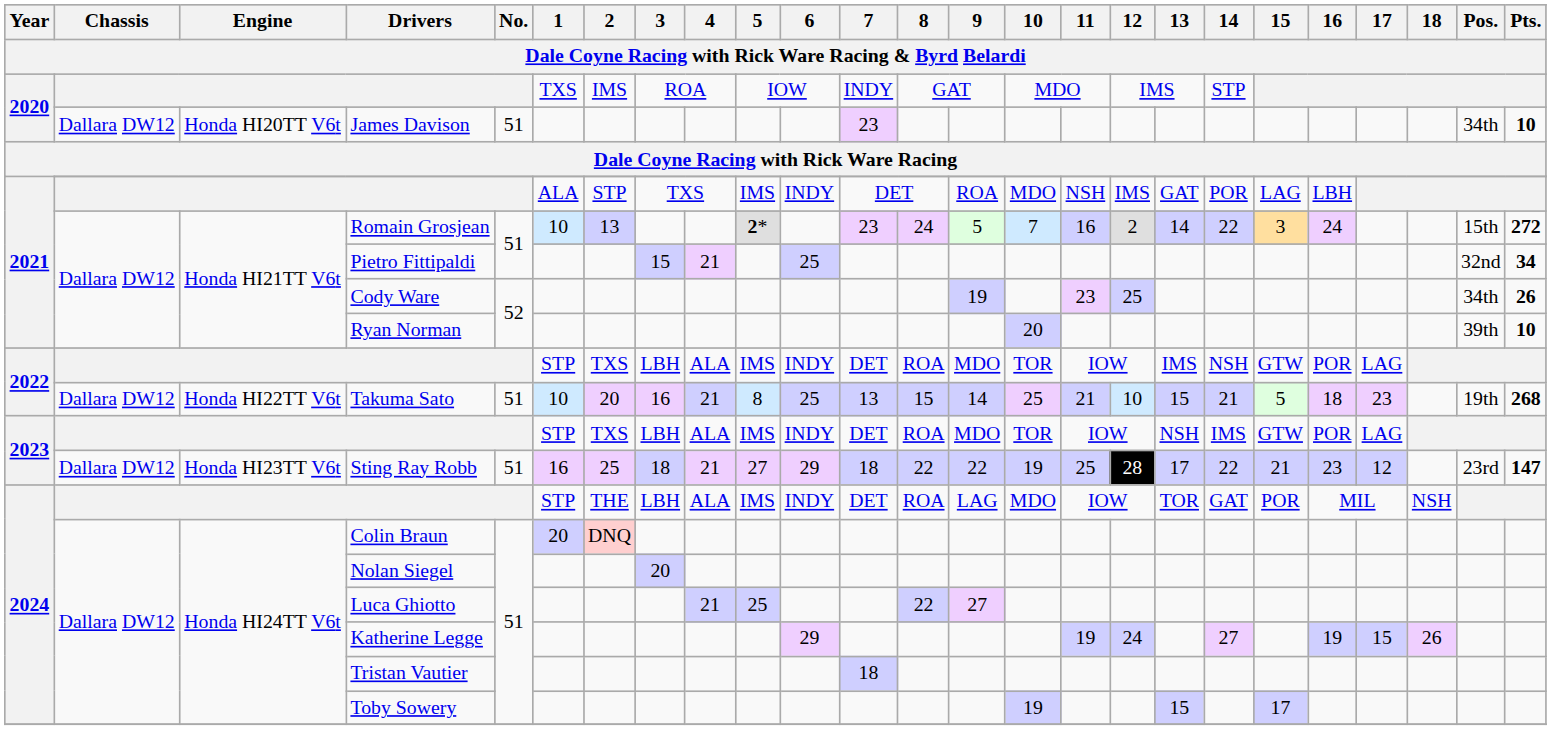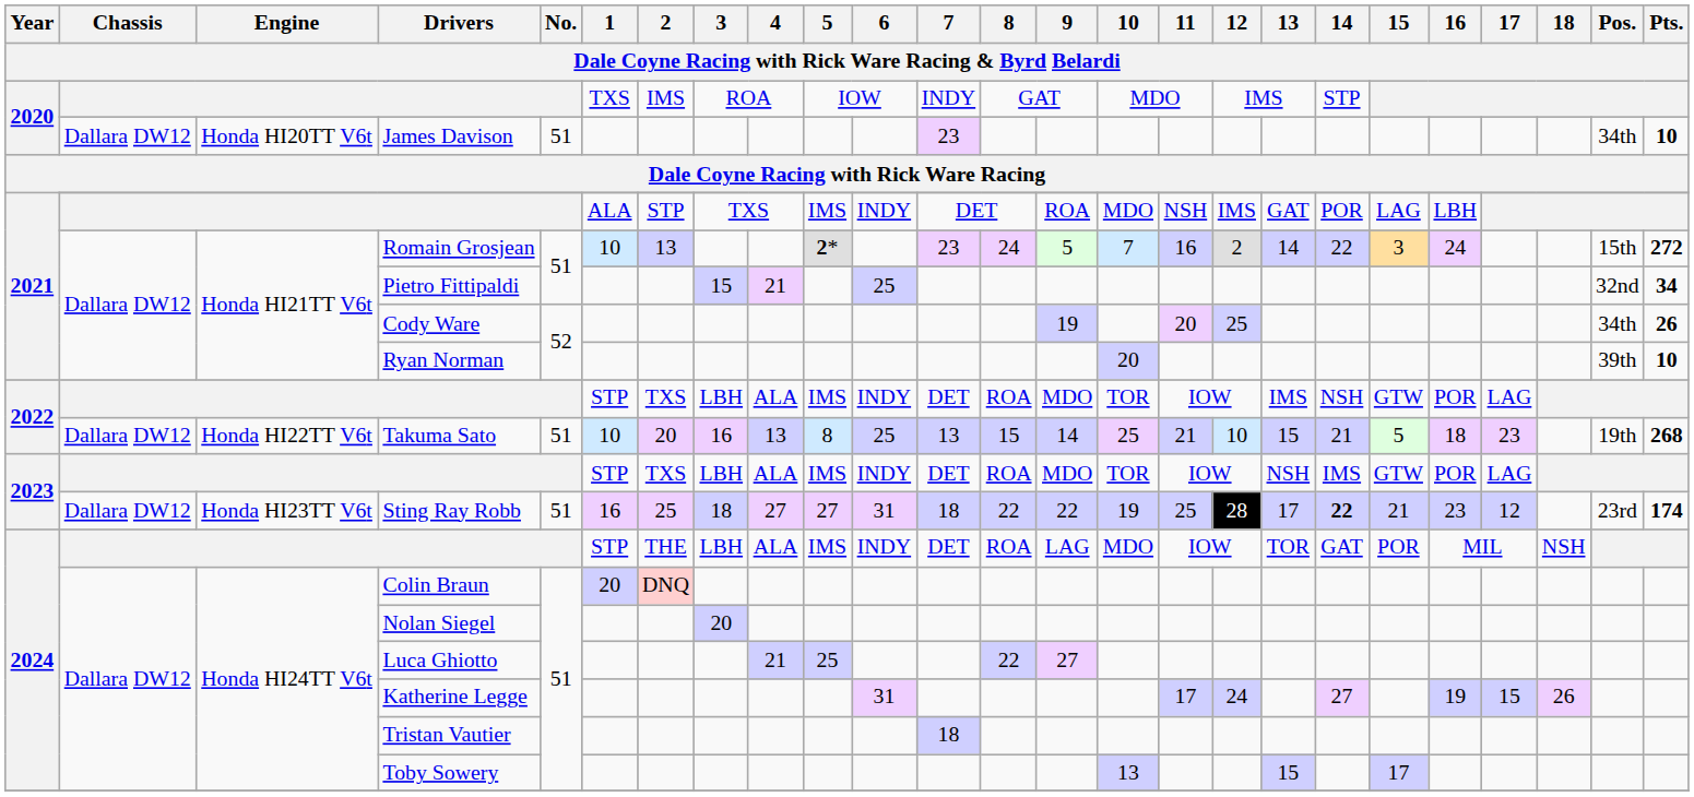 <table class="wikitable" style="text-align:center; font-size:75%">
 <tr>
 <th>Year</th>
 <th style="white-spaaace: nowrap;">Chassis</th>
 <th style="white-spaaace: nowrap;">Engine</th>
 <th style="white-spaaace: nowrap;">Drivers</th>
 <th>No.</th>
 <th>1</th>
 <th>2</th>
 <th>3</th>
 <th>4</th>
 <th>5</th>
 <th>6</th>
 <th>7</th>
 <th>8</th>
 <th>9</th>
 <th>10</th>
 <th>11</th>
 <th>12</th>
 <th>13</th>
 <th>14</th>
 <th>15</th>
 <th>16</th>
 <th>17</th>
 <th>18</th>
 <th>Pos.</th>
 <th>Pts.</th>
 </tr>
 <tr>
 <th colspan=25><a href='#'>Dale Coyne Racing</a> with Rick Ware Racing & <a href='#'>Byrd</a> <a href='#'>Belardi</a></th>
 </tr>
 <tr>
 <th rowspan=2><a href='#'>2020</a></th>
 <th colspan=4></th>
 <td><a href='#'>TXS</a></td>
 <td><a href='#'>IMS</a></td>
 <td colspan=2><a href='#'>ROA</a></td>
 <td colspan=2><a href='#'>IOW</a></td>
 <td><a href='#'>INDY</a></td>
 <td colspan=2><a href='#'>GAT</a></td>
 <td colspan=2><a href='#'>MDO</a></td>
 <td colspan=2><a href='#'>IMS</a></td>
 <td><a href='#'>STP</a></td>
 <th colspan=6></th>
 </tr>
 <tr>
 <td rowspan="1"><a href='#'>Dallara</a> <a href='#'>DW12</a></td>
 <td rowspan="1"><a href='#'>Honda</a> HI20TT <a href='#'>V6</a><a href='#'>t</a></td>
 <td align="left"> <a href='#'>James Davison</a> </td>
 <td>51</td>
 <td></td>
 <td></td>
 <td></td>
 <td></td>
 <td></td>
 <td></td>
 <td style="background:#EFCFFF;">23</td>
 <td></td>
 <td></td>
 <td></td>
 <td></td>
 <td></td>
 <td></td>
 <td></td>
 <td></td>
 <td></td>
 <td></td>
 <td></td>
 <td>34th</td>
 <td><strong>10</strong></td>
 </tr>
 <tr>
 <th colspan=25><a href='#'>Dale Coyne Racing</a> with Rick Ware Racing</th>
 </tr>
 <tr>
 <th rowspan="6"><a href='#'>2021</a></th>
 </tr>
 <tr>
 <th colspan=4></th>
 <td><a href='#'>ALA</a></td>
 <td><a href='#'>STP</a></td>
 <td colspan=2><a href='#'>TXS</a></td>
 <td><a href='#'>IMS</a></td>
 <td><a href='#'>INDY</a></td>
 <td colspan=2><a href='#'>DET</a></td>
 <td><a href='#'>ROA</a></td>
 <td><a href='#'>MDO</a></td>
 <td><a href='#'>NSH</a></td>
 <td><a href='#'>IMS</a></td>
 <td><a href='#'>GAT</a></td>
 <td><a href='#'>POR</a></td>
 <td><a href='#'>LAG</a></td>
 <td><a href='#'>LBH</a></td>
 <th colspan=4></th>
 </tr>
 <tr>
 <td rowspan="4"><a href='#'>Dallara</a> <a href='#'>DW12</a></td>
 <td rowspan="4"><a href='#'>Honda</a> HI21TT <a href='#'>V6</a><a href='#'>t</a></td>
 <td align="left"> <a href='#'>Romain Grosjean</a> </td>
 <td Rowspan="2">51</td>
 <td style="background:#CFEAFF;">10</td>
 <td style="background:#CFCFFF;">13</td>
 <td></td>
 <td></td>
 <td style="background:#DFDFDF;"><strong>2</strong>*</td>
 <td></td>
 <td style="background:#EFCFFF;">23</td>
 <td style="background:#EFCFFF;">24</td>
 <td style="background:#DFFFDF;">5</td>
 <td style="background:#CFEAFF;">7</td>
 <td style="background:#CFCFFF;">16</td>
 <td style="background:#DFDFDF;">2</td>
 <td style="background:#CFCFFF;">14</td>
 <td style="background:#CFCFFF;">22</td>
 <td style="background:#FFDF9F;">3</td>
 <td style="background:#EFCFFF;">24</td>
 <td></td>
 <td></td>
 <td>15th</td>
 <td><strong>272</strong></td>
 </tr>
 <tr>
 <td align="left"> <a href='#'>Pietro Fittipaldi</a></td>
 <td></td>
 <td></td>
 <td style="background:#CFCFFF;">15</td>
 <td style="background:#EFCFFF;">21</td>
 <td></td>
 <td style="background:#CFCFFF;">25</td>
 <td></td>
 <td></td>
 <td></td>
 <td></td>
 <td></td>
 <td></td>
 <td></td>
 <td></td>
 <td></td>
 <td></td>
 <td></td>
 <td></td>
 <td>32nd</td>
 <td><strong>34</strong></td>
 </tr>
 <tr>
 <td align="left"> <a href='#'>Cody Ware</a> </td>
 <td Rowspan="2">52</td>
 <td></td>
 <td></td>
 <td></td>
 <td></td>
 <td></td>
 <td></td>
 <td></td>
 <td></td>
 <td style="background:#CFCFFF;">19</td>
 <td></td>
-<td style="background:#EFCFFF;">23</td>
+<td style="background:#EFCFFF;">20</td>
 <td style="background:#CFCFFF;">25</td>
 <td></td>
 <td></td>
 <td></td>
 <td></td>
 <td></td>
 <td></td>
 <td>34th</td>
 <td><strong>26</strong></td>
 </tr>
 <tr>
 <td align="left"> <a href='#'>Ryan Norman</a> </td>
 <td></td>
 <td></td>
 <td></td>
 <td></td>
 <td></td>
 <td></td>
 <td></td>
 <td></td>
 <td></td>
 <td style="background:#CFCFFF;">20</td>
 <td></td>
 <td></td>
 <td></td>
 <td></td>
 <td></td>
 <td></td>
 <td></td>
 <td></td>
 <td>39th</td>
 <td><strong>10</strong></td>
 </tr>
 <tr>
 <th rowspan="2"><a href='#'>2022</a></th>
 <th colspan=4></th>
 <td><a href='#'>STP</a></td>
 <td><a href='#'>TXS</a></td>
 <td><a href='#'>LBH</a></td>
 <td><a href='#'>ALA</a></td>
 <td><a href='#'>IMS</a></td>
 <td><a href='#'>INDY</a></td>
 <td><a href='#'>DET</a></td>
 <td><a href='#'>ROA</a></td>
 <td><a href='#'>MDO</a></td>
 <td><a href='#'>TOR</a></td>
 <td colspan=2><a href='#'>IOW</a></td>
 <td><a href='#'>IMS</a></td>
 <td><a href='#'>NSH</a></td>
 <td><a href='#'>GTW</a></td>
 <td><a href='#'>POR</a></td>
 <td><a href='#'>LAG</a></td>
 <th colspan=3></th>
 </tr>
 <tr>
 <td rowspan="1"><a href='#'>Dallara</a> <a href='#'>DW12</a></td>
 <td rowspan="1"><a href='#'>Honda</a> HI22TT <a href='#'>V6</a><a href='#'>t</a></td>
 <td align="left"> <a href='#'>Takuma Sato</a></td>
 <td>51</td>
 <td style="background:#CFEAFF;">10</td>
 <td style="background:#EFCFFF;">20</td>
 <td style="background:#EFCFFF;">16</td>
-<td style="background:#CFCFFF;">21</td>
+<td style="background:#CFCFFF;">13</td>
 <td style="background:#CFEAFF;">8</td>
 <td style="background:#CFCFFF;">25</td>
 <td style="background:#CFCFFF;">13</td>
 <td style="background:#CFCFFF;">15</td>
 <td style="background:#CFCFFF;">14</td>
 <td style="background:#EFCFFF;">25</td>
 <td style="background:#CFCFFF;">21</td>
 <td style="background:#CFEAFF;">10</td>
 <td style="background:#CFCFFF;">15</td>
 <td style="background:#CFCFFF;">21</td>
 <td style="background:#DFFFDF;">5</td>
 <td style="background:#EFCFFF;">18</td>
 <td style="background:#EFCFFF;">23</td>
 <td></td>
 <td>19th</td>
 <td><strong>268</strong></td>
 </tr>
 <tr>
 <th rowspan="2"><a href='#'>2023</a></th>
 <th colspan=4></th>
 <td><a href='#'>STP</a></td>
 <td><a href='#'>TXS</a></td>
 <td><a href='#'>LBH</a></td>
 <td><a href='#'>ALA</a></td>
 <td><a href='#'>IMS</a></td>
 <td><a href='#'>INDY</a></td>
 <td><a href='#'>DET</a></td>
 <td><a href='#'>ROA</a></td>
 <td><a href='#'>MDO</a></td>
 <td><a href='#'>TOR</a></td>
 <td colspan=2><a href='#'>IOW</a></td>
 <td><a href='#'>NSH</a></td>
 <td><a href='#'>IMS</a></td>
 <td><a href='#'>GTW</a></td>
 <td><a href='#'>POR</a></td>
 <td><a href='#'>LAG</a></td>
 <th colspan=3></th>
 </tr>
 <tr>
 <td rowspan="1"><a href='#'>Dallara</a> <a href='#'>DW12</a></td>
 <td rowspan="1"><a href='#'>Honda</a> HI23TT <a href='#'>V6</a><a href='#'>t</a></td>
 <td align="left"> <a href='#'>Sting Ray Robb</a> </td>
 <td>51</td>
 <td style="background:#EFCFFF;">16</td>
 <td style="background:#EFCFFF;">25</td>
 <td style="background:#CFCFFF;">18</td>
-<td style="background:#EFCFFF;">21</td>
 <td style="background:#EFCFFF;">27</td>
-<td style="background:#EFCFFF;">29</td>
+<td style="background:#EFCFFF;">27</td>
+<td style="background:#EFCFFF;">31</td>
 <td style="background:#CFCFFF;">18</td>
 <td style="background:#CFCFFF;">22</td>
 <td style="background:#CFCFFF;">22</td>
 <td style="background:#CFCFFF;">19</td>
 <td style="background:#CFCFFF;">25</td>
 <td style="background:#000000; color:white;">28</td>
 <td style="background:#CFCFFF;">17</td>
-<td style="background:#CFCFFF;">22</td>
+<td style="background:#CFCFFF;"><strong>22</strong></td>
 <td style="background:#CFCFFF;">21</td>
 <td style="background:#CFCFFF;">23</td>
 <td style="background:#CFCFFF;">12</td>
 <td></td>
 <td>23rd</td>
-<td><strong>147</strong></td>
+<td><strong>174</strong></td>
 </tr>
 <tr>
 <th rowspan="7"><a href='#'>2024</a></th>
 <th colspan="4"></th>
 <td><a href='#'>STP</a></td>
 <td><a href='#'>THE</a></td>
 <td><a href='#'>LBH</a></td>
 <td><a href='#'>ALA</a></td>
 <td><a href='#'>IMS</a></td>
 <td><a href='#'>INDY</a></td>
 <td><a href='#'>DET</a></td>
 <td><a href='#'>ROA</a></td>
 <td><a href='#'>LAG</a></td>
 <td><a href='#'>MDO</a></td>
 <td colspan=2><a href='#'>IOW</a></td>
 <td><a href='#'>TOR</a></td>
 <td><a href='#'>GAT</a></td>
 <td><a href='#'>POR</a></td>
 <td colspan=2><a href='#'>MIL</a></td>
 <td><a href='#'>NSH</a></td>
 <th colspan=2></th>
 </tr>
 <tr>
 <td rowspan="6"><a href='#'>Dallara</a> <a href='#'>DW12</a></td>
 <td rowspan="6"><a href='#'>Honda</a> HI24TT <a href='#'>V6</a><a href='#'>t</a></td>
 <td align="left"> <a href='#'>Colin Braun</a> </td>
 <td rowspan="6">51</td>
 <td style="background:#CFCFFF;">20</td>
 <td style="background:#FFCFCF;">DNQ</td>
 <td></td>
 <td></td>
 <td></td>
 <td></td>
 <td></td>
 <td></td>
 <td></td>
 <td></td>
 <td></td>
 <td></td>
 <td></td>
 <td></td>
 <td></td>
 <td></td>
 <td></td>
 <td></td>
 <td></td>
 <td></td>
 </tr>
 <tr>
 <td align="left"> <a href='#'>Nolan Siegel</a> </td>
 <td></td>
 <td></td>
 <td style="background:#CFCFFF;">20</td>
 <td></td>
 <td></td>
 <td></td>
 <td></td>
 <td></td>
 <td></td>
 <td></td>
 <td></td>
 <td></td>
 <td></td>
 <td></td>
 <td></td>
 <td></td>
 <td></td>
 <td></td>
 <td></td>
 <td></td>
 </tr>
 <tr>
 <td align="left"> <a href='#'>Luca Ghiotto</a> </td>
 <td></td>
 <td></td>
 <td></td>
 <td style="background:#CFCFFF;">21</td>
 <td style="background:#CFCFFF;">25</td>
 <td></td>
 <td></td>
 <td style="background:#CFCFFF;">22</td>
 <td style="background:#EFCFFF;">27</td>
 <td></td>
 <td></td>
 <td></td>
 <td></td>
 <td></td>
 <td></td>
 <td></td>
 <td></td>
 <td></td>
 <td></td>
 <td></td>
 </tr>
 <tr>
 <td align="left"> <a href='#'>Katherine Legge</a></td>
 <td></td>
 <td></td>
 <td></td>
 <td></td>
 <td></td>
-<td style="background:#EFCFFF;">29</td>
+<td style="background:#EFCFFF;">31</td>
 <td></td>
 <td></td>
 <td></td>
 <td></td>
-<td style="background:#CFCFFF;">19</td>
+<td style="background:#CFCFFF;">17</td>
 <td style="background:#CFCFFF;">24</td>
 <td></td>
 <td style="background:#EFCFFF;">27</td>
 <td></td>
 <td style="background:#CFCFFF;">19</td>
 <td style="background:#CFCFFF;">15</td>
 <td style="background:#EFCFFF;">26</td>
 <td></td>
 <td></td>
 </tr>
 <tr>
 <td align="left"> <a href='#'>Tristan Vautier</a></td>
 <td></td>
 <td></td>
 <td></td>
 <td></td>
 <td></td>
 <td></td>
 <td style="background:#CFCFFF;">18</td>
 <td></td>
 <td></td>
 <td></td>
 <td></td>
 <td></td>
 <td></td>
 <td></td>
 <td></td>
 <td></td>
 <td></td>
 <td></td>
 <td></td>
 <td></td>
 </tr>
 <tr>
 <td align="left"> <a href='#'>Toby Sowery</a> </td>
 <td></td>
 <td></td>
 <td></td>
 <td></td>
 <td></td>
 <td></td>
 <td></td>
 <td></td>
 <td></td>
-<td style="background:#CFCFFF;">19</td>
+<td style="background:#CFCFFF;">13</td>
 <td></td>
 <td></td>
 <td style="background:#CFCFFF;">15</td>
 <td></td>
 <td style="background:#CFCFFF;">17</td>
 <td></td>
 <td></td>
 <td></td>
 <td></td>
 <td></td>
 </tr>
 <tr>
 </tr>
 </table>
